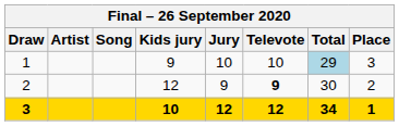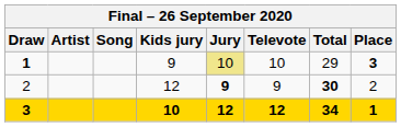 <table class="wikitable sortable" style="text-align:center">
 <tr>
 <th colspan="8">Final – 26 September 2020</th>
 </tr>
 <tr>
 <th>Draw</th>
 <th>Artist</th>
 <th>Song</th>
 <th>Kids jury</th>
 <th>Jury</th>
 <th>Televote</th>
 <th>Total</th>
 <th>Place</th>
 </tr>
 <tr>
-<td>1</td>
+<td><strong>1</strong></td>
 <td></td>
 <td></td>
 <td>9</td>
+<td style="background: khaki;">10</td>
 <td>10</td>
-<td>10</td>
-<td style="background: lightblue;">29</td>
-<td>3</td>
+<td>29</td>
+<td><strong>3</strong></td>
 </tr>
 <tr>
 <td>2</td>
 <td></td>
 <td></td>
 <td>12</td>
+<td><strong>9</strong></td>
 <td>9</td>
-<td><strong>9</strong></td>
-<td>30</td>
+<td><strong>30</strong></td>
 <td>2</td>
 </tr>
 <tr style="font-weight:bold; background:gold;">
 <td>3</td>
 <td></td>
 <td></td>
 <td>10</td>
 <td>12</td>
 <td>12</td>
 <td>34</td>
 <td>1</td>
 </tr>
 </table>
